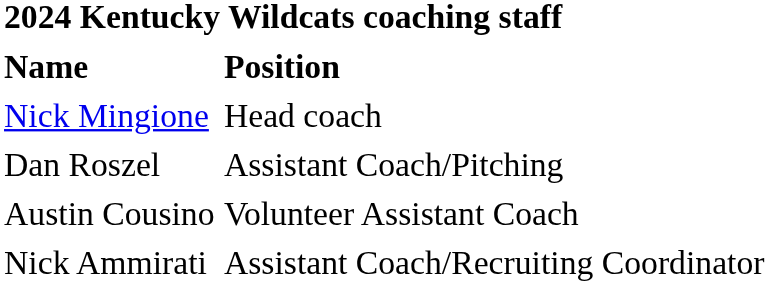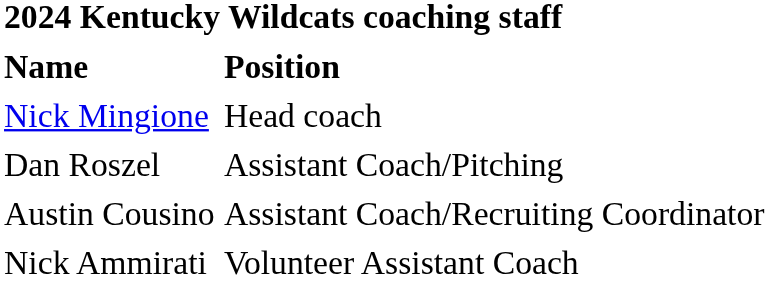 <table class="toccolours" style="text-align: left; font-size:90%;">
 <tr>
 <th colspan="9">2024 Kentucky Wildcats coaching staff</th>
 </tr>
 <tr>
 <th>Name</th>
 <th>Position</th>
 </tr>
 <tr>
 <td><a href='#'>Nick Mingione</a></td>
 <td>Head coach</td>
 </tr>
 <tr>
 <td>Dan Roszel</td>
 <td>Assistant Coach/Pitching</td>
 </tr>
 <tr>
 <td>Austin Cousino</td>
-<td>Volunteer Assistant Coach</td>
+<td>Assistant Coach/Recruiting Coordinator</td>
 </tr>
 <tr>
 <td>Nick Ammirati</td>
-<td>Assistant Coach/Recruiting Coordinator</td>
+<td>Volunteer Assistant Coach</td>
 </tr>
 </table>
